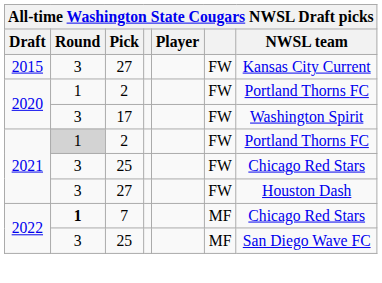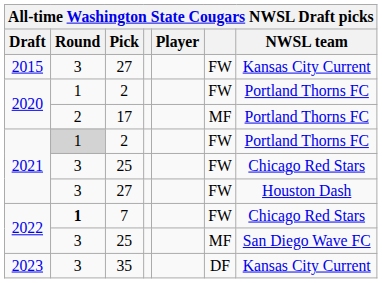 <table class="wikitable sortable" style="text-align: center;">
 <tr>
 <th colspan="7" style="background:#">All-time <a href='#'><span>Washington State Cougars</span></a> NWSL Draft picks</th>
 </tr>
 <tr>
 <th scope="col">Draft</th>
 <th scope="col">Round</th>
 <th scope="col">Pick</th>
 <th scope="col"></th>
 <th scope="col">Player</th>
 <th scope="col"></th>
 <th scope="col">NWSL team</th>
 </tr>
 <tr>
 <td><a href='#'>2015</a></td>
 <td>3</td>
 <td>27</td>
 <td></td>
 <td></td>
 <td>FW</td>
 <td><a href='#'>Kansas City Current</a></td>
 </tr>
 <tr>
 <td rowspan="2"><a href='#'>2020</a></td>
 <td>1</td>
 <td>2</td>
 <td></td>
 <td></td>
 <td>FW</td>
 <td><a href='#'>Portland Thorns FC</a></td>
 </tr>
 <tr>
-<td>3</td>
+<td>2</td>
 <td>17</td>
 <td></td>
 <td></td>
-<td>FW</td>
-<td><a href='#'>Washington Spirit</a></td>
+<td>MF</td>
+<td><a href='#'>Portland Thorns FC</a></td>
 </tr>
 <tr>
 <td rowspan="3"><a href='#'>2021</a></td>
 <td style="background: lightgrey;">1</td>
 <td>2</td>
 <td></td>
 <td></td>
 <td>FW</td>
 <td><a href='#'>Portland Thorns FC</a></td>
 </tr>
 <tr>
 <td>3</td>
 <td>25</td>
 <td></td>
 <td></td>
 <td>FW</td>
 <td><a href='#'>Chicago Red Stars</a></td>
 </tr>
 <tr>
 <td>3</td>
 <td>27</td>
 <td></td>
 <td></td>
 <td>FW</td>
 <td><a href='#'>Houston Dash</a></td>
 </tr>
 <tr>
 <td rowspan="2"><a href='#'>2022</a></td>
 <td><strong>1</strong></td>
 <td>7</td>
 <td></td>
 <td></td>
-<td>MF</td>
+<td>FW</td>
 <td><a href='#'>Chicago Red Stars</a></td>
 </tr>
 <tr>
 <td>3</td>
 <td>25</td>
 <td></td>
 <td></td>
 <td>MF</td>
 <td><a href='#'>San Diego Wave FC</a></td>
 </tr>
+<tr>
+<td><a href='#'>2023</a></td>
+<td>3</td>
+<td>35</td>
+<td></td>
+<td></td>
+<td>DF</td>
+<td><a href='#'>Kansas City Current</a></td>
+</tr>
 </table>
